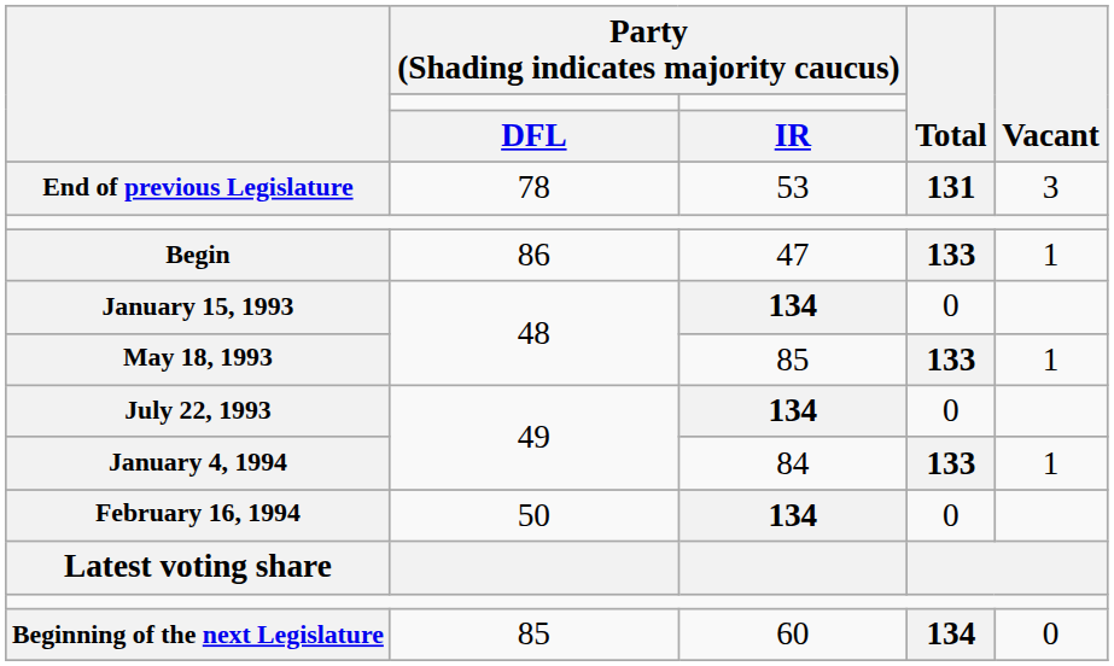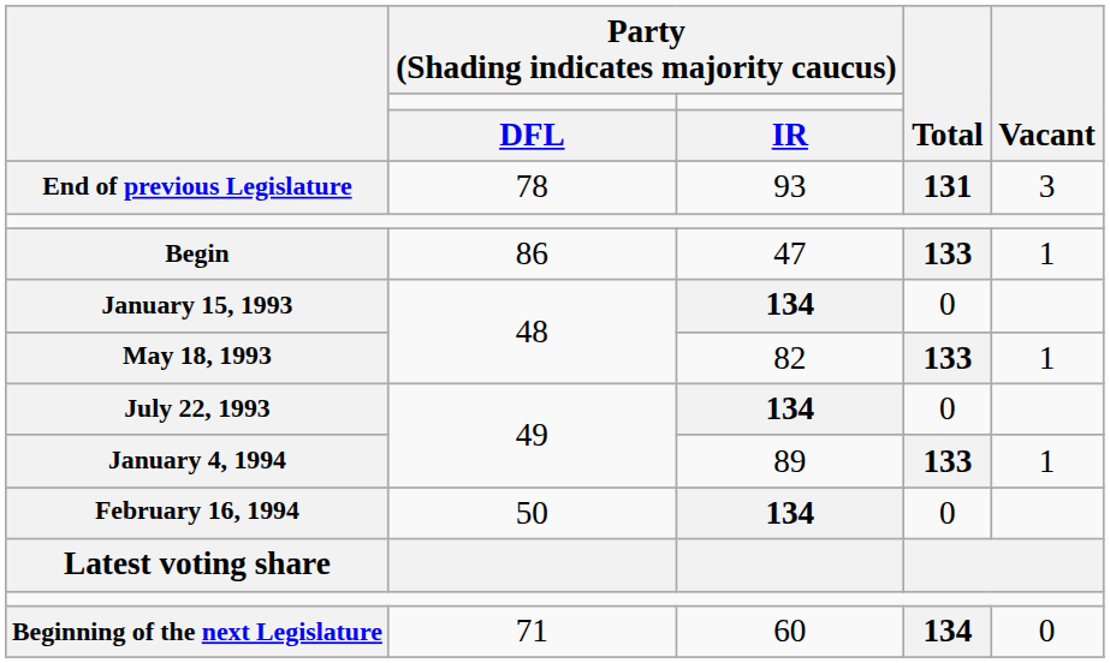 <table class=wikitable style="text-align:center">
 <tr style="vertical-align:bottom;">
 <th rowspan=3></th>
 <th colspan=2>Party <div>(Shading indicates majority caucus)</div></th>
 <th rowspan=3>Total</th>
 <th rowspan=3>Vacant</th>
 </tr>
 <tr style="height:5px">
 <td style="background-color:"></td>
 <td style="background-color:"></td>
 </tr>
 <tr>
 <th><a href='#'>DFL</a></th>
 <th><a href='#'>IR</a></th>
 </tr>
 <tr>
 <th style="white-space:nowrap; font-size:80%;">End of <a href='#'>previous Legislature</a></th>
 <td>78</td>
-<td>53</td>
+<td>93</td>
 <th>131</th>
 <td>3</td>
 </tr>
 <tr>
 <td colspan=5></td>
 </tr>
 <tr>
 <th style="font-size:80%">Begin</th>
 <td>86</td>
 <td>47</td>
 <th>133</th>
 <td>1</td>
 </tr>
 <tr>
 <th style="font-size:80%">January 15, 1993 </th>
 <td rowspan="2">48</td>
 <th>134</th>
 <td>0</td>
 </tr>
 <tr>
 <th style="font-size:80%">May 18, 1993 </th>
-<td>85</td>
+<td>82</td>
 <th>133</th>
 <td>1</td>
 </tr>
 <tr>
 <th style="font-size:80%">July 22, 1993 </th>
 <td rowspan="2">49</td>
 <th>134</th>
 <td>0</td>
 </tr>
 <tr>
 <th style="font-size:80%">January 4, 1994 </th>
-<td>84</td>
+<td>89</td>
 <th>133</th>
 <td>1</td>
 </tr>
 <tr>
 <th style="font-size:80%">February 16, 1994 </th>
 <td>50</td>
 <th>134</th>
 <td>0</td>
 </tr>
 <tr>
 <th>Latest voting share</th>
 <th></th>
 <th></th>
 <th colspan=2></th>
 </tr>
 <tr>
 <td colspan=5></td>
 </tr>
 <tr>
 <th style="white-space:nowrap; font-size:80%;">Beginning of the <a href='#'>next Legislature</a></th>
-<td>85</td>
+<td>71</td>
 <td>60</td>
 <th>134</th>
 <td>0</td>
 </tr>
 </table>
